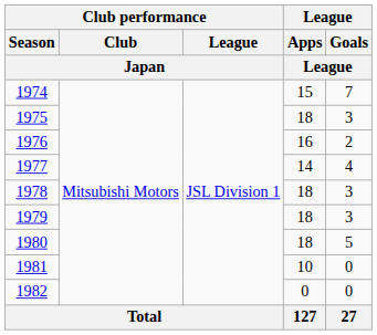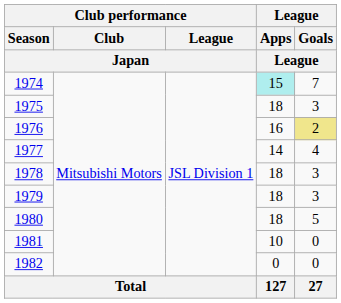 <table class="wikitable" style="text-align:center;">
 <tr>
 <th colspan=3>Club performance</th>
 <th colspan=2>League</th>
 </tr>
 <tr>
 <th>Season</th>
 <th>Club</th>
 <th>League</th>
 <th>Apps</th>
 <th>Goals</th>
 </tr>
 <tr>
 <th colspan=3>Japan</th>
 <th colspan=2>League</th>
 </tr>
 <tr>
 <td><a href='#'>1974</a></td>
 <td rowspan="9"><a href='#'>Mitsubishi Motors</a></td>
 <td rowspan="9"><a href='#'>JSL Division 1</a></td>
-<td>15</td>
+<td style="background: paleturquoise;">15</td>
 <td>7</td>
 </tr>
 <tr>
 <td><a href='#'>1975</a></td>
 <td>18</td>
 <td>3</td>
 </tr>
 <tr>
 <td><a href='#'>1976</a></td>
 <td>16</td>
-<td>2</td>
+<td style="background: khaki;">2</td>
 </tr>
 <tr>
 <td><a href='#'>1977</a></td>
 <td>14</td>
 <td>4</td>
 </tr>
 <tr>
 <td><a href='#'>1978</a></td>
 <td>18</td>
 <td>3</td>
 </tr>
 <tr>
 <td><a href='#'>1979</a></td>
 <td>18</td>
 <td>3</td>
 </tr>
 <tr>
 <td><a href='#'>1980</a></td>
 <td>18</td>
 <td>5</td>
 </tr>
 <tr>
 <td><a href='#'>1981</a></td>
 <td>10</td>
 <td>0</td>
 </tr>
 <tr>
 <td><a href='#'>1982</a></td>
 <td>0</td>
 <td>0</td>
 </tr>
 <tr>
 <th colspan=3>Total</th>
 <th>127</th>
 <th>27</th>
 </tr>
 </table>
